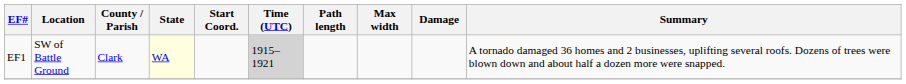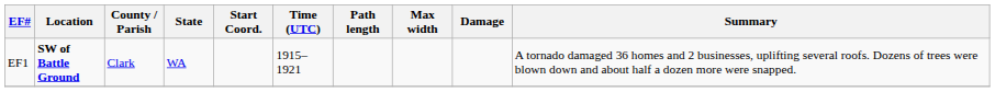 <table class="wikitable sortable" style="width:100%;">
 <tr>
 <th scope="col"  style="width:3%; text-align:center;"><a href='#'>EF#</a></th>
 <th scope="col"  style="width:7%; text-align:center;" class="unsortable">Location</th>
 <th scope="col"  style="width:6%; text-align:center;" class="unsortable">County / Parish</th>
 <th scope="col"  style="width:5%; text-align:center;">State</th>
 <th scope="col"  style="width:6%; text-align:center;">Start Coord.</th>
 <th scope="col"  style="width:6%; text-align:center;">Time (<a href='#'>UTC</a>)</th>
 <th scope="col"  style="width:6%; text-align:center;">Path length</th>
 <th scope="col"  style="width:6%; text-align:center;">Max width</th>
 <th scope="col"  style="width:6%; text-align:center;">Damage</th>
 <th scope="col" class="unsortable" style="width:48%; text-align:center;">Summary</th>
 </tr>
 <tr>
 <td>EF1</td>
-<td>SW of <a href='#'>Battle Ground</a></td>
+<td><strong>SW of <a href='#'>Battle Ground</a></strong></td>
 <td><a href='#'>Clark</a></td>
-<td style="background: lightyellow;"><a href='#'>WA</a></td>
+<td><a href='#'>WA</a></td>
 <td></td>
-<td style="background: lightgrey;">1915–1921</td>
+<td>1915–1921</td>
 <td></td>
 <td></td>
 <td></td>
 <td>A tornado damaged 36 homes and 2 businesses, uplifting several roofs. Dozens of trees were blown down and about half a dozen more were snapped.</td>
 </tr>
 <tr>
 </tr>
 </table>
